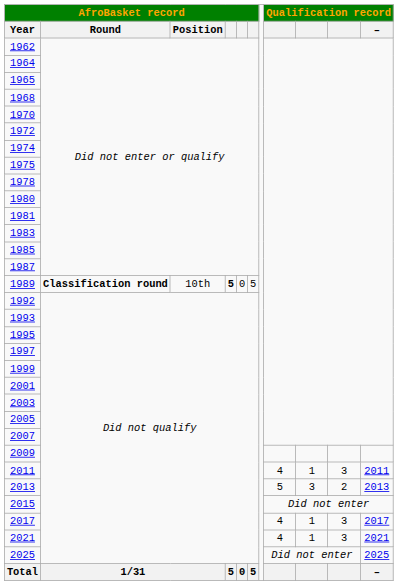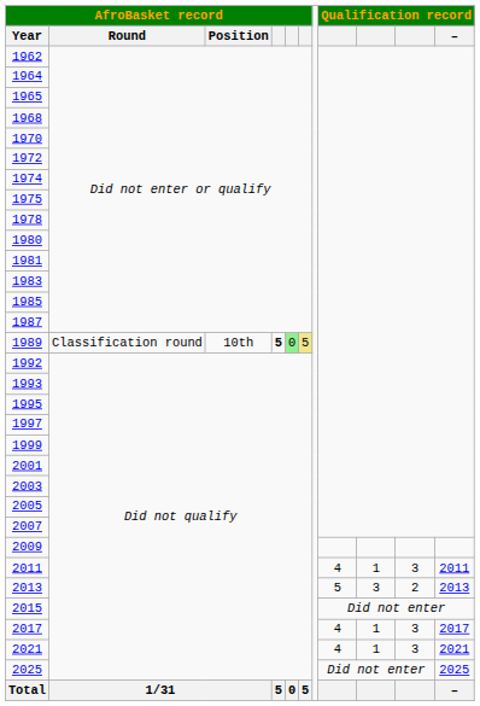 <table class="wikitable" style="text-align:center;">
 <tr>
 <th colspan="6" style="background:green; color:orange;">AfroBasket record</th>
 <td rowspan="34"></td>
 <th colspan="4" style="background:green; color:orange;">Qualification record</th>
 </tr>
 <tr>
 <th>Year</th>
 <th>Round</th>
 <th>Position</th>
 <th></th>
 <th></th>
 <th></th>
 <th></th>
 <th></th>
 <th></th>
 <th>–</th>
 </tr>
 <tr>
 <td> <a href='#'>1962</a></td>
 <td colspan="5" rowspan="14"><em>Did not enter or qualify</em></td>
 <td colspan="4" rowspan="24"></td>
 </tr>
 <tr>
 <td> <a href='#'>1964</a></td>
 </tr>
 <tr>
 <td> <a href='#'>1965</a></td>
 </tr>
 <tr>
 <td> <a href='#'>1968</a></td>
 </tr>
 <tr>
 <td> <a href='#'>1970</a></td>
 </tr>
 <tr>
 <td> <a href='#'>1972</a></td>
 </tr>
 <tr>
 <td> <a href='#'>1974</a></td>
 </tr>
 <tr>
 <td> <a href='#'>1975</a></td>
 </tr>
 <tr>
 <td> <a href='#'>1978</a></td>
 </tr>
 <tr>
 <td> <a href='#'>1980</a></td>
 </tr>
 <tr>
 <td> <a href='#'>1981</a></td>
 </tr>
 <tr>
 <td> <a href='#'>1983</a></td>
 </tr>
 <tr>
 <td> <a href='#'>1985</a></td>
 </tr>
 <tr>
 <td> <a href='#'>1987</a></td>
 </tr>
 <tr>
 <td> <a href='#'>1989</a></td>
-<td><strong>Classification round</strong></td>
+<td>Classification round</td>
 <td>10th</td>
 <td><strong>5</strong></td>
-<td>0</td>
-<td>5</td>
+<td style="background: lightgreen;">0</td>
+<td style="background: khaki;">5</td>
 </tr>
 <tr>
 <td> <a href='#'>1992</a></td>
 <td colspan="5" rowspan="16"><em>Did not qualify</em></td>
 </tr>
 <tr>
 <td> <a href='#'>1993</a></td>
 </tr>
 <tr>
 <td> <a href='#'>1995</a></td>
 </tr>
 <tr>
 <td> <a href='#'>1997</a></td>
 </tr>
 <tr>
 <td> <a href='#'>1999</a></td>
 </tr>
 <tr>
 <td> <a href='#'>2001</a></td>
 </tr>
 <tr>
 <td> <a href='#'>2003</a></td>
 </tr>
 <tr>
 <td> <a href='#'>2005</a></td>
 </tr>
 <tr>
 <td> <a href='#'>2007</a></td>
 </tr>
 <tr>
 <td> <a href='#'>2009</a></td>
 <td></td>
 <td></td>
 <td></td>
 <td></td>
 </tr>
 <tr>
 <td> <a href='#'>2011</a></td>
 <td>4</td>
 <td>1</td>
 <td>3</td>
 <td><a href='#'>2011</a></td>
 </tr>
 <tr>
 <td> <a href='#'>2013</a></td>
 <td>5</td>
 <td>3</td>
 <td>2</td>
 <td><a href='#'>2013</a></td>
 </tr>
 <tr>
 <td> <a href='#'>2015</a></td>
 <td colspan="4"><em>Did not enter</em></td>
 </tr>
 <tr>
 <td>  <a href='#'>2017</a></td>
 <td>4</td>
 <td>1</td>
 <td>3</td>
 <td><a href='#'>2017</a></td>
 </tr>
 <tr>
 <td> <a href='#'>2021</a></td>
 <td>4</td>
 <td>1</td>
 <td>3</td>
 <td><a href='#'>2021</a></td>
 </tr>
 <tr>
 <td> <a href='#'>2025</a></td>
 <td colspan="3"><em>Did not enter</em></td>
 <td><a href='#'>2025</a></td>
 </tr>
 <tr>
 <th>Total</th>
 <th colspan="2">1/31</th>
 <th>5</th>
 <th>0</th>
 <th>5</th>
 <th></th>
 <th></th>
 <th></th>
 <th>–</th>
 </tr>
 </table>
